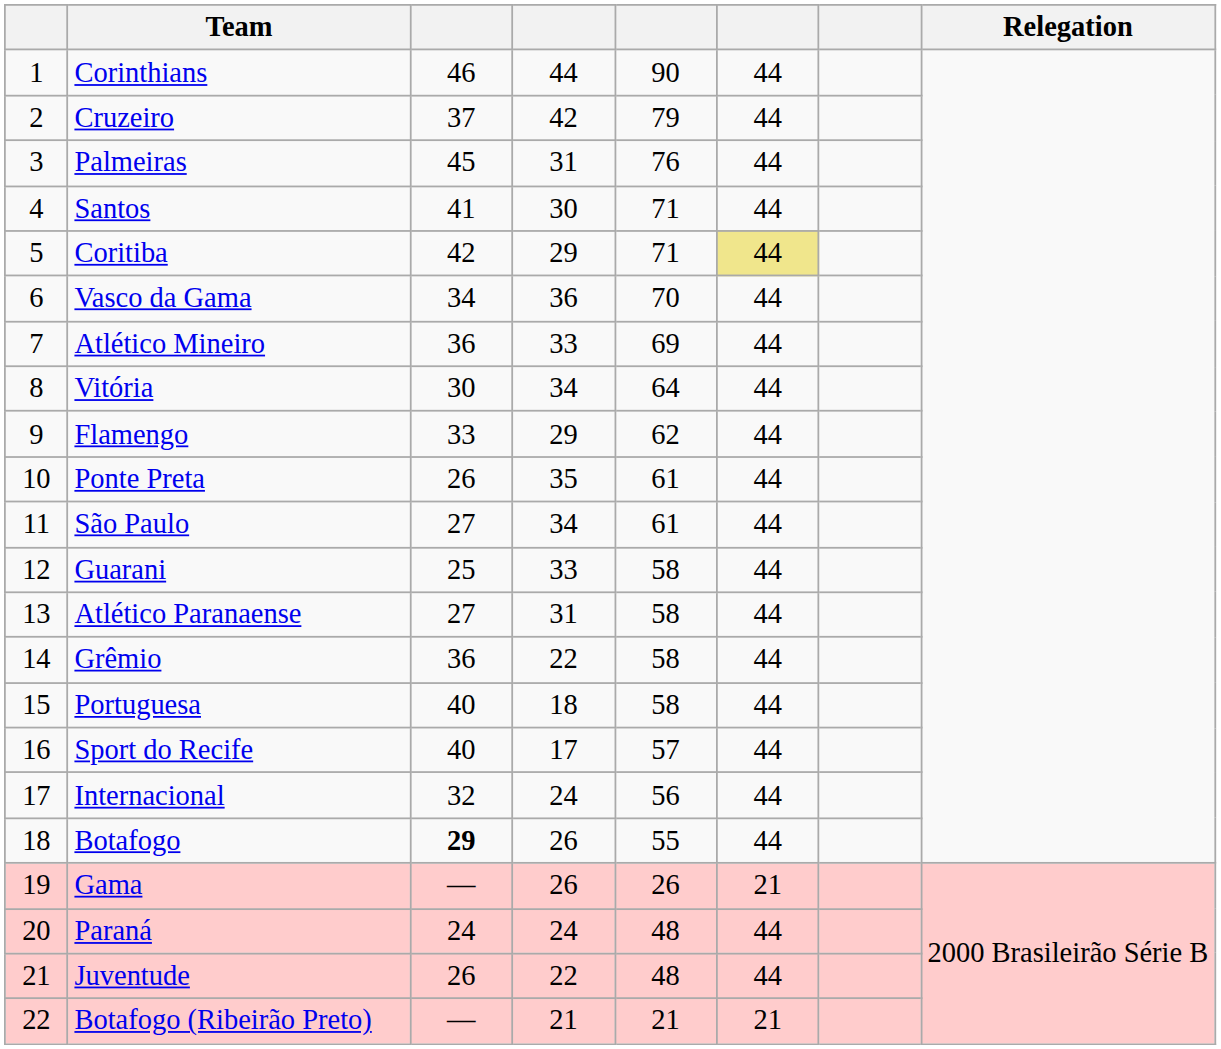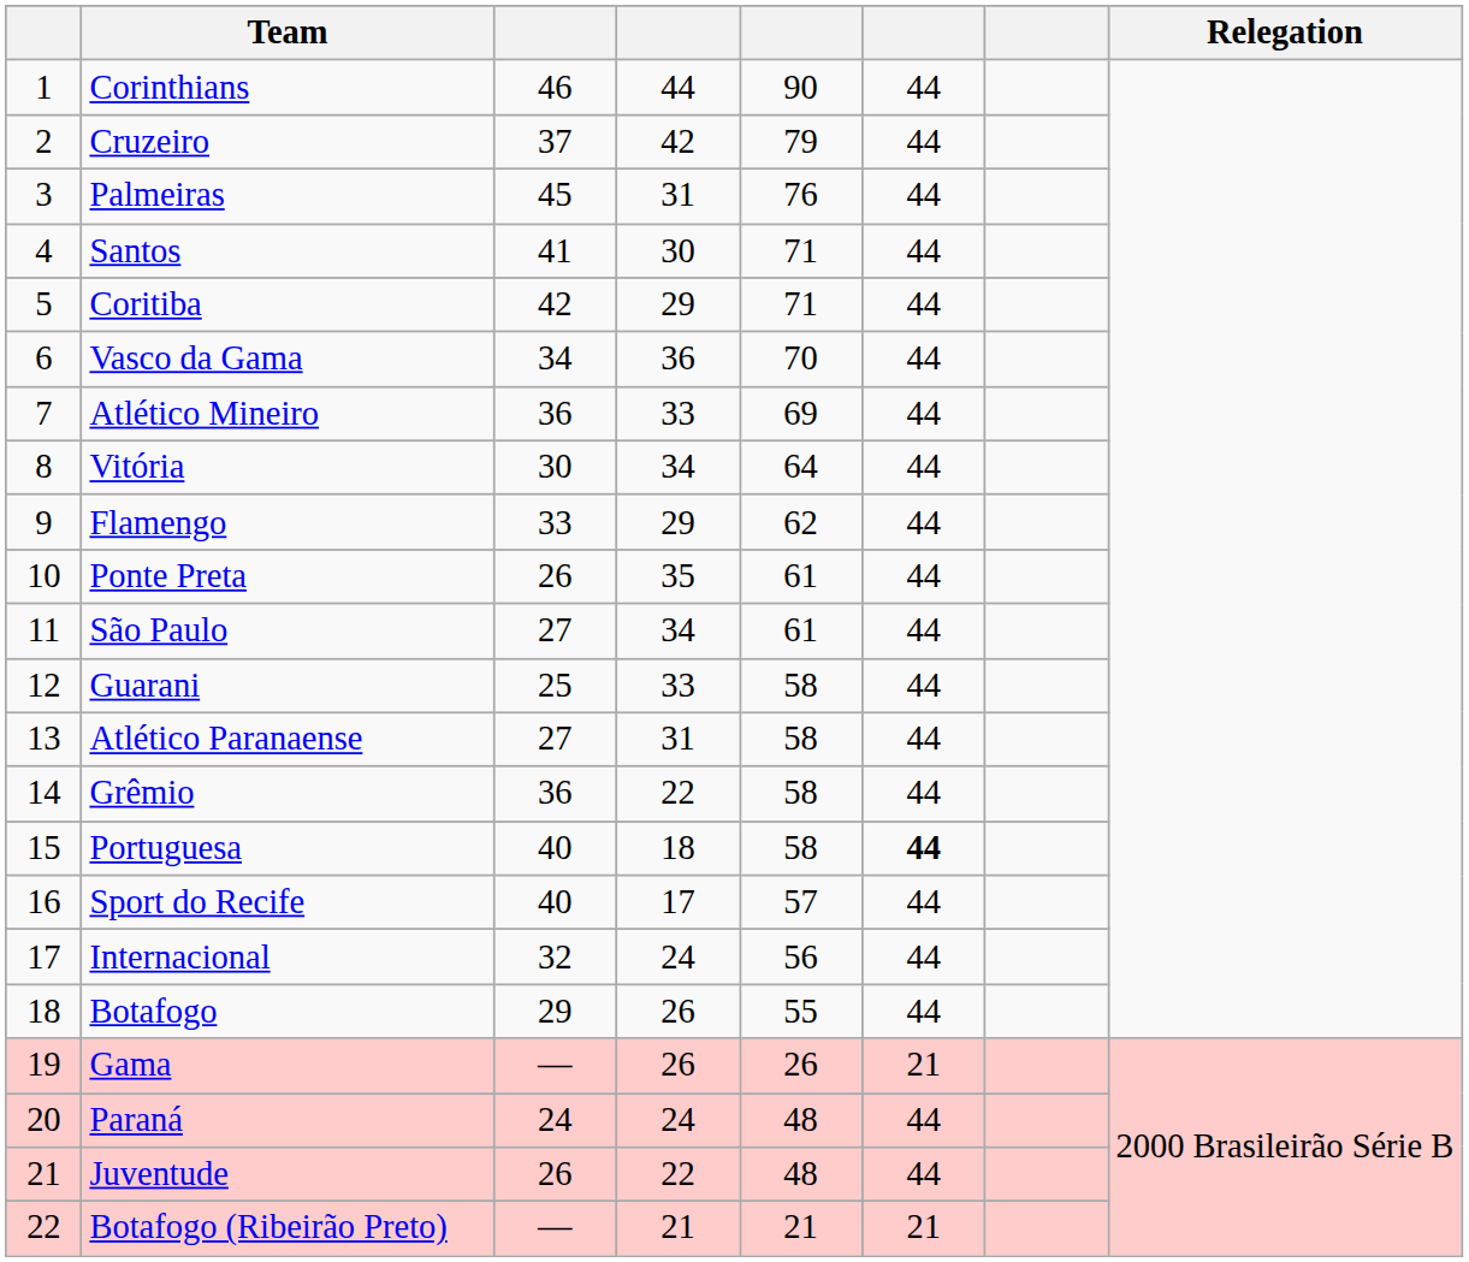 <table class="wikitable sortable" style="text-align: center;">
 <tr>
 <th width=28></th>
 <th width=185>Team</th>
 <th width=50></th>
 <th width=50></th>
 <th width=50></th>
 <th width=50></th>
 <th width=50></th>
 <th>Relegation</th>
 </tr>
 <tr>
 <td>1</td>
 <td align="left"><a href='#'>Corinthians</a></td>
 <td>46</td>
 <td>44</td>
 <td>90</td>
 <td>44</td>
 <td><strong></strong></td>
 <td rowspan=18></td>
 </tr>
 <tr>
 <td>2</td>
 <td align="left"><a href='#'>Cruzeiro</a></td>
 <td>37</td>
 <td>42</td>
 <td>79</td>
 <td>44</td>
 <td><strong></strong></td>
 </tr>
 <tr>
 <td>3</td>
 <td align="left"><a href='#'>Palmeiras</a></td>
 <td>45</td>
 <td>31</td>
 <td>76</td>
 <td>44</td>
 <td><strong></strong></td>
 </tr>
 <tr>
 <td>4</td>
 <td align="left"><a href='#'>Santos</a></td>
 <td>41</td>
 <td>30</td>
 <td>71</td>
 <td>44</td>
 <td><strong></strong></td>
 </tr>
 <tr>
 <td>5</td>
 <td align="left"><a href='#'>Coritiba</a></td>
 <td>42</td>
 <td>29</td>
 <td>71</td>
-<td style="background: khaki;">44</td>
+<td>44</td>
 <td><strong></strong></td>
 </tr>
 <tr>
 <td>6</td>
 <td align="left"><a href='#'>Vasco da Gama</a></td>
 <td>34</td>
 <td>36</td>
 <td>70</td>
 <td>44</td>
 <td><strong></strong></td>
 </tr>
 <tr>
 <td>7</td>
 <td align="left"><a href='#'>Atlético Mineiro</a></td>
 <td>36</td>
 <td>33</td>
 <td>69</td>
 <td>44</td>
 <td><strong></strong></td>
 </tr>
 <tr>
 <td>8</td>
 <td align="left"><a href='#'>Vitória</a></td>
 <td>30</td>
 <td>34</td>
 <td>64</td>
 <td>44</td>
 <td><strong></strong></td>
 </tr>
 <tr>
 <td>9</td>
 <td align="left"><a href='#'>Flamengo</a></td>
 <td>33</td>
 <td>29</td>
 <td>62</td>
 <td>44</td>
 <td><strong></strong></td>
 </tr>
 <tr>
 <td>10</td>
 <td align="left"><a href='#'>Ponte Preta</a></td>
 <td>26</td>
 <td>35</td>
 <td>61</td>
 <td>44</td>
 <td><strong></strong></td>
 </tr>
 <tr>
 <td>11</td>
 <td align="left"><a href='#'>São Paulo</a></td>
 <td>27</td>
 <td>34</td>
 <td>61</td>
 <td>44</td>
 <td><strong></strong></td>
 </tr>
 <tr>
 <td>12</td>
 <td align="left"><a href='#'>Guarani</a></td>
 <td>25</td>
 <td>33</td>
 <td>58</td>
 <td>44</td>
 <td><strong></strong></td>
 </tr>
 <tr>
 <td>13</td>
 <td align="left"><a href='#'>Atlético Paranaense</a></td>
 <td>27</td>
 <td>31</td>
 <td>58</td>
 <td>44</td>
 <td><strong></strong></td>
 </tr>
 <tr>
 <td>14</td>
 <td align="left"><a href='#'>Grêmio</a></td>
 <td>36</td>
 <td>22</td>
 <td>58</td>
 <td>44</td>
 <td><strong></strong></td>
 </tr>
 <tr>
 <td>15</td>
 <td align="left"><a href='#'>Portuguesa</a></td>
 <td>40</td>
 <td>18</td>
 <td>58</td>
-<td>44</td>
+<td><strong>44</strong></td>
 <td><strong></strong></td>
 </tr>
 <tr>
 <td>16</td>
 <td align="left"><a href='#'>Sport do Recife</a></td>
 <td>40</td>
 <td>17</td>
 <td>57</td>
 <td>44</td>
 <td><strong></strong></td>
 </tr>
 <tr>
 <td>17</td>
 <td align="left"><a href='#'>Internacional</a></td>
 <td>32</td>
 <td>24</td>
 <td>56</td>
 <td>44</td>
 <td><strong></strong></td>
 </tr>
 <tr>
 <td>18</td>
 <td align="left"><a href='#'>Botafogo</a></td>
-<td><strong>29</strong></td>
+<td>29</td>
 <td>26</td>
 <td>55</td>
 <td>44</td>
 <td><strong></strong></td>
 </tr>
 <tr bgcolor=#FFCCCC>
 <td>19</td>
 <td align="left"><a href='#'>Gama</a></td>
 <td>—</td>
 <td>26</td>
 <td>26</td>
 <td>21</td>
 <td><strong></strong></td>
 <td rowspan=4>2000 Brasileirão Série B</td>
 </tr>
 <tr bgcolor=#FFCCCC>
 <td>20</td>
 <td align="left"><a href='#'>Paraná</a></td>
 <td>24</td>
 <td>24</td>
 <td>48</td>
 <td>44</td>
 <td><strong></strong></td>
 </tr>
 <tr bgcolor=#FFCCCC>
 <td>21</td>
 <td align="left"><a href='#'>Juventude</a></td>
 <td>26</td>
 <td>22</td>
 <td>48</td>
 <td>44</td>
 <td><strong></strong></td>
 </tr>
 <tr bgcolor=#FFCCCC>
 <td>22</td>
 <td align="left"><a href='#'>Botafogo (Ribeirão Preto)</a></td>
 <td>—</td>
 <td>21</td>
 <td>21</td>
 <td>21</td>
 <td><strong></strong></td>
 </tr>
 </table>
